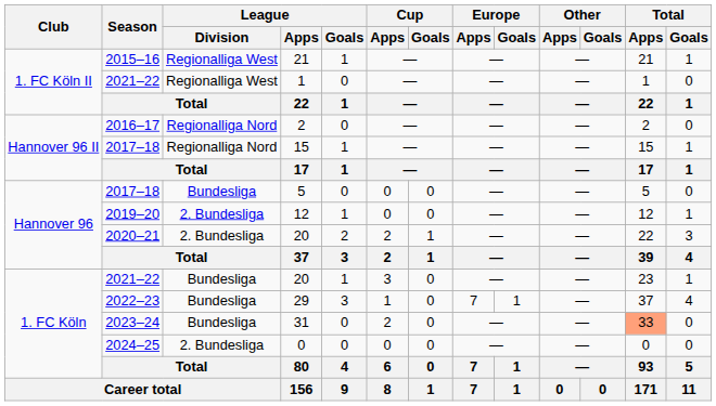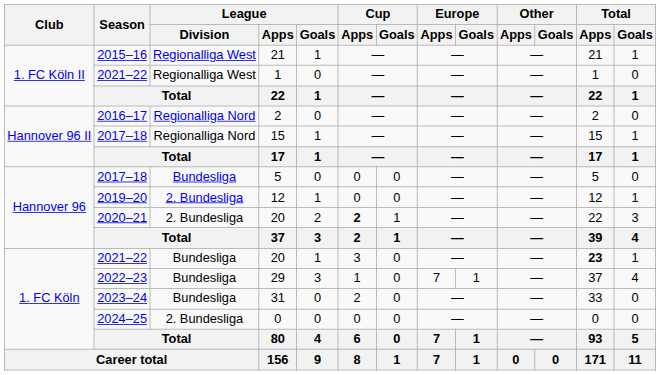 <table class="wikitable" style="text-align: center;">
 <tr>
 <th rowspan="2">Club</th>
 <th rowspan="2">Season</th>
 <th colspan="3">League</th>
 <th colspan="2">Cup</th>
 <th colspan="2">Europe</th>
 <th colspan="2">Other</th>
 <th colspan="2">Total</th>
 </tr>
 <tr>
 <th>Division</th>
 <th>Apps</th>
 <th>Goals</th>
 <th>Apps</th>
 <th>Goals</th>
 <th>Apps</th>
 <th>Goals</th>
 <th>Apps</th>
 <th>Goals</th>
 <th>Apps</th>
 <th>Goals</th>
 </tr>
 <tr>
 <td rowspan="3"><a href='#'>1. FC Köln II</a></td>
 <td><a href='#'>2015–16</a></td>
 <td><a href='#'>Regionalliga West</a></td>
 <td>21</td>
 <td>1</td>
 <td colspan="2">—</td>
 <td colspan="2">—</td>
 <td colspan="2">—</td>
 <td>21</td>
 <td>1</td>
 </tr>
 <tr>
 <td><a href='#'>2021–22</a></td>
 <td>Regionalliga West</td>
 <td>1</td>
 <td>0</td>
 <td colspan="2">—</td>
 <td colspan="2">—</td>
 <td colspan="2">—</td>
 <td>1</td>
 <td>0</td>
 </tr>
 <tr>
 <th colspan="2">Total</th>
 <th>22</th>
 <th>1</th>
 <th colspan="2">—</th>
 <th colspan="2">—</th>
 <th colspan="2">—</th>
 <th>22</th>
 <th>1</th>
 </tr>
 <tr>
 <td rowspan="3"><a href='#'>Hannover 96 II</a></td>
 <td><a href='#'>2016–17</a></td>
 <td><a href='#'>Regionalliga Nord</a></td>
 <td>2</td>
 <td>0</td>
 <td colspan="2">—</td>
 <td colspan="2">—</td>
 <td colspan="2">—</td>
 <td>2</td>
 <td>0</td>
 </tr>
 <tr>
 <td><a href='#'>2017–18</a></td>
 <td>Regionalliga Nord</td>
 <td>15</td>
 <td>1</td>
 <td colspan="2">—</td>
 <td colspan="2">—</td>
 <td colspan="2">—</td>
 <td>15</td>
 <td>1</td>
 </tr>
 <tr>
 <th colspan="2">Total</th>
 <th>17</th>
 <th>1</th>
 <th colspan="2">—</th>
 <th colspan="2">—</th>
 <th colspan="2">—</th>
 <th>17</th>
 <th>1</th>
 </tr>
 <tr>
 <td rowspan="4"><a href='#'>Hannover 96</a></td>
 <td><a href='#'>2017–18</a></td>
 <td><a href='#'>Bundesliga</a></td>
 <td>5</td>
 <td>0</td>
 <td>0</td>
 <td>0</td>
 <td colspan="2">—</td>
 <td colspan="2">—</td>
 <td>5</td>
 <td>0</td>
 </tr>
 <tr>
 <td><a href='#'>2019–20</a></td>
 <td><a href='#'>2. Bundesliga</a></td>
 <td>12</td>
 <td>1</td>
 <td>0</td>
 <td>0</td>
 <td colspan="2">—</td>
 <td colspan="2">—</td>
 <td>12</td>
 <td>1</td>
 </tr>
 <tr>
 <td><a href='#'>2020–21</a></td>
 <td>2. Bundesliga</td>
 <td>20</td>
 <td>2</td>
-<td>2</td>
+<td><strong>2</strong></td>
 <td>1</td>
 <td colspan="2">—</td>
 <td colspan="2">—</td>
 <td>22</td>
 <td>3</td>
 </tr>
 <tr>
 <th colspan="2">Total</th>
 <th>37</th>
 <th>3</th>
 <th>2</th>
 <th>1</th>
 <th colspan="2">—</th>
 <th colspan="2">—</th>
 <th>39</th>
 <th>4</th>
 </tr>
 <tr>
 <td rowspan="5"><a href='#'>1. FC Köln</a></td>
 <td><a href='#'>2021–22</a></td>
 <td>Bundesliga</td>
 <td>20</td>
 <td>1</td>
 <td>3</td>
 <td>0</td>
 <td colspan="2">—</td>
 <td colspan="2">—</td>
-<td>23</td>
+<td><strong>23</strong></td>
 <td>1</td>
 </tr>
 <tr>
 <td><a href='#'>2022–23</a></td>
 <td>Bundesliga</td>
 <td>29</td>
 <td>3</td>
 <td>1</td>
 <td>0</td>
 <td>7</td>
 <td>1</td>
 <td colspan="2">—</td>
 <td>37</td>
 <td>4</td>
 </tr>
 <tr>
 <td><a href='#'>2023–24</a></td>
 <td>Bundesliga</td>
 <td>31</td>
 <td>0</td>
 <td>2</td>
 <td>0</td>
 <td colspan="2">—</td>
 <td colspan="2">—</td>
-<td style="background: lightsalmon;">33</td>
+<td>33</td>
 <td>0</td>
 </tr>
 <tr>
 <td><a href='#'>2024–25</a></td>
 <td>2. Bundesliga</td>
 <td>0</td>
 <td>0</td>
 <td>0</td>
 <td>0</td>
 <td colspan="2">—</td>
 <td colspan="2">—</td>
 <td>0</td>
 <td>0</td>
 </tr>
 <tr>
 <th colspan="2">Total</th>
 <th>80</th>
 <th>4</th>
 <th>6</th>
 <th>0</th>
 <th>7</th>
 <th>1</th>
 <th colspan="2">—</th>
 <th>93</th>
 <th>5</th>
 </tr>
 <tr>
 <th colspan="3">Career total</th>
 <th>156</th>
 <th>9</th>
 <th>8</th>
 <th>1</th>
 <th>7</th>
 <th>1</th>
 <th>0</th>
 <th>0</th>
 <th>171</th>
 <th>11</th>
 </tr>
 </table>
